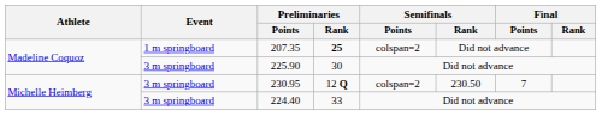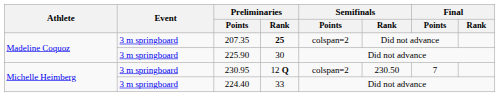 <table class="wikitable" style="text-align:center; font-size:90%; width:50%;">
 <tr>
 <th rowspan=2>Athlete</th>
 <th rowspan=2>Event</th>
 <th colspan=2>Preliminaries</th>
 <th colspan=2>Semifinals</th>
 <th colspan=2>Final</th>
 </tr>
 <tr style="font-size:95%">
 <th>Points</th>
 <th>Rank</th>
 <th>Points</th>
 <th>Rank</th>
 <th>Points</th>
 <th>Rank</th>
 </tr>
 <tr>
 <td align=left rowspan=2><a href='#'>Madeline Coquoz</a></td>
-<td align=left><a href='#'>1 m springboard</a></td>
+<td align=left><a href='#'>3 m springboard</a></td>
 <td>207.35</td>
 <td><strong>25</strong></td>
 <td>colspan=2 </td>
 <td colspan=2>Did not advance</td>
 </tr>
 <tr>
 <td align=left><a href='#'>3 m springboard</a></td>
 <td>225.90</td>
 <td>30</td>
 <td colspan=4>Did not advance</td>
 </tr>
 <tr>
 <td align=left rowspan=2><a href='#'>Michelle Heimberg</a></td>
 <td align=left><a href='#'>3 m springboard</a></td>
 <td>230.95</td>
 <td>12 <strong>Q</strong></td>
 <td>colspan=2 </td>
 <td>230.50</td>
 <td>7</td>
 </tr>
 <tr>
 <td align=left><a href='#'>3 m springboard</a></td>
 <td>224.40</td>
 <td>33</td>
 <td colspan=4>Did not advance</td>
 </tr>
 </table>
